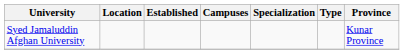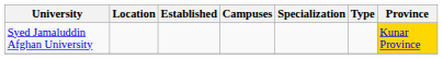 <table class="wikitable sortable">
 <tr>
 <th>University</th>
 <th>Location</th>
 <th>Established</th>
 <th>Campuses</th>
 <th>Specialization</th>
 <th>Type</th>
 <th>Province</th>
 </tr>
 <tr>
 <td><a href='#'>Syed Jamaluddin Afghan University</a></td>
 <td></td>
 <td></td>
 <td></td>
 <td></td>
 <td></td>
-<td><a href='#'>Kunar Province</a></td>
+<td style="background: gold;"><a href='#'>Kunar Province</a></td>
 </tr>
 <tr>
 </tr>
 </table>
